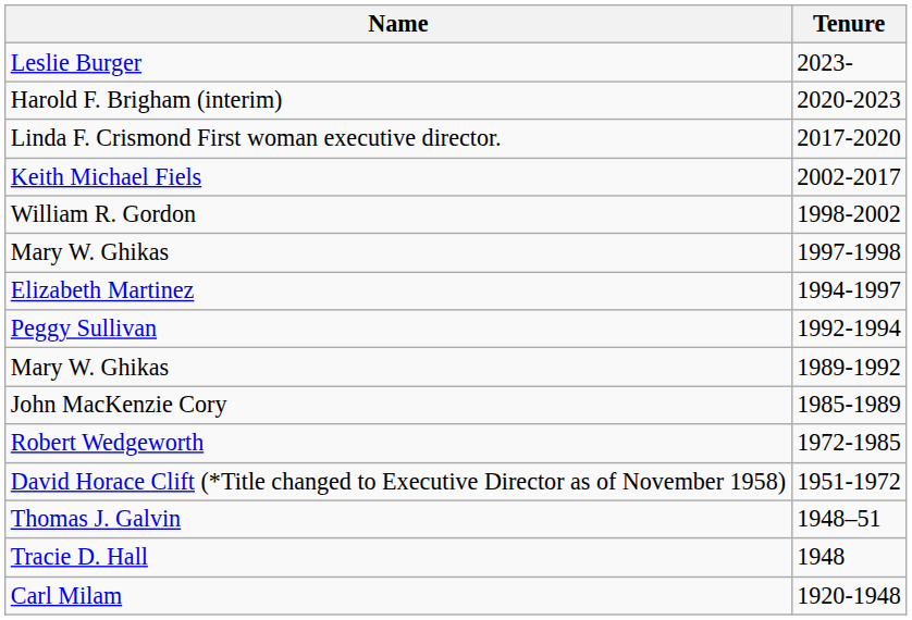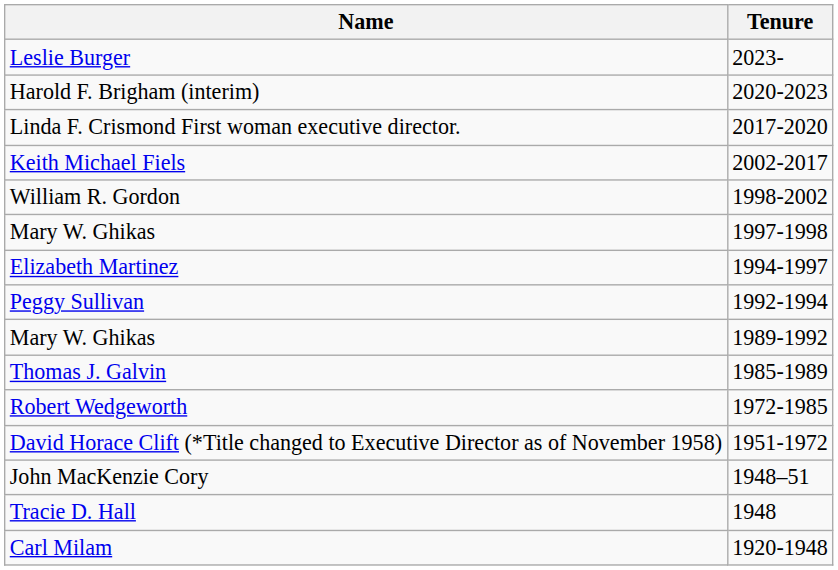 <table class="wikitable sortable">
 <tr>
 <th>Name</th>
 <th>Tenure</th>
 </tr>
 <tr>
 <td><a href='#'>Leslie Burger</a></td>
 <td>2023-</td>
 </tr>
 <tr>
 <td>Harold F. Brigham (interim)</td>
 <td>2020-2023</td>
 </tr>
 <tr>
 <td>Linda F. Crismond  First woman executive director.</td>
 <td>2017-2020</td>
 </tr>
 <tr>
 <td><a href='#'>Keith Michael Fiels</a></td>
 <td>2002-2017</td>
 </tr>
 <tr>
 <td>William R. Gordon </td>
 <td>1998-2002</td>
 </tr>
 <tr>
 <td>Mary W.  Ghikas</td>
 <td>1997-1998</td>
 </tr>
 <tr>
 <td><a href='#'>Elizabeth Martinez</a></td>
 <td>1994-1997</td>
 </tr>
 <tr>
 <td><a href='#'>Peggy Sullivan</a></td>
 <td>1992-1994</td>
 </tr>
 <tr>
 <td>Mary W. Ghikas </td>
 <td>1989-1992</td>
 </tr>
 <tr>
-<td>John MacKenzie Cory </td>
+<td><a href='#'>Thomas J. Galvin</a></td>
 <td>1985-1989</td>
 </tr>
 <tr>
 <td><a href='#'>Robert Wedgeworth</a></td>
 <td>1972-1985</td>
 </tr>
 <tr>
 <td><a href='#'>David Horace Clift</a> (*Title changed to Executive Director as of November 1958)</td>
 <td>1951-1972</td>
 </tr>
 <tr>
-<td><a href='#'>Thomas J. Galvin</a></td>
+<td>John MacKenzie Cory </td>
 <td>1948–51</td>
 </tr>
 <tr>
 <td><a href='#'>Tracie D. Hall</a></td>
 <td>1948</td>
 </tr>
 <tr>
 <td><a href='#'>Carl Milam</a></td>
 <td>1920-1948</td>
 </tr>
 </table>
